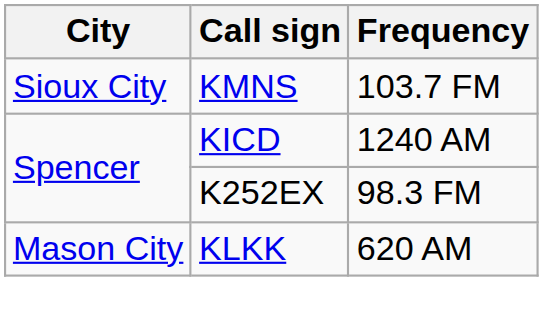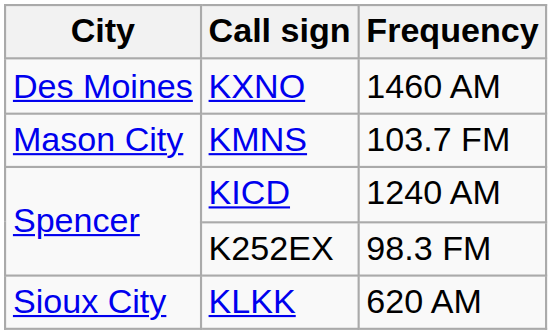 <table class="wikitable">
 <tr>
 <th>City</th>
 <th>Call sign</th>
 <th>Frequency</th>
 </tr>
 <tr>
-<td><a href='#'>Sioux City</a></td>
+<td><a href='#'>Des Moines</a></td>
+<td><a href='#'>KXNO</a></td>
+<td>1460 AM</td>
+</tr>
+<tr>
+<td><a href='#'>Mason City</a></td>
 <td><a href='#'>KMNS</a></td>
 <td>103.7 FM</td>
 </tr>
 <tr>
 <td rowspan="2"><a href='#'>Spencer</a></td>
 <td><a href='#'>KICD</a></td>
 <td>1240 AM</td>
 </tr>
 <tr>
 <td>K252EX</td>
 <td>98.3 FM</td>
 </tr>
 <tr>
-<td><a href='#'>Mason City</a></td>
+<td><a href='#'>Sioux City</a></td>
 <td><a href='#'>KLKK</a></td>
 <td>620 AM</td>
 </tr>
 </table>
